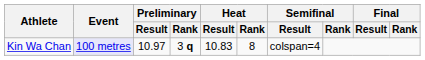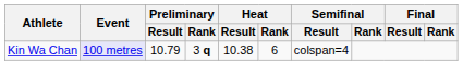 <table class="wikitable" style="font-size:90%">
 <tr>
 <th rowspan="2">Athlete</th>
 <th rowspan="2">Event</th>
 <th colspan="2">Preliminary</th>
 <th colspan="2">Heat</th>
 <th colspan="2">Semifinal</th>
 <th colspan="2">Final</th>
 </tr>
 <tr style="font-size:95%">
 <th>Result</th>
 <th>Rank</th>
 <th>Result</th>
 <th>Rank</th>
 <th>Result</th>
 <th>Rank</th>
 <th>Result</th>
 <th>Rank</th>
 </tr>
 <tr align=center>
 <td align=left><a href='#'>Kin Wa Chan</a></td>
 <td align=left style="background: lavender;"><a href='#'>100 metres</a></td>
-<td>10.97</td>
+<td>10.79</td>
 <td>3 <strong>q</strong></td>
-<td>10.83</td>
-<td>8</td>
+<td>10.38</td>
+<td>6</td>
 <td>colspan=4 </td>
 </tr>
 </table>
